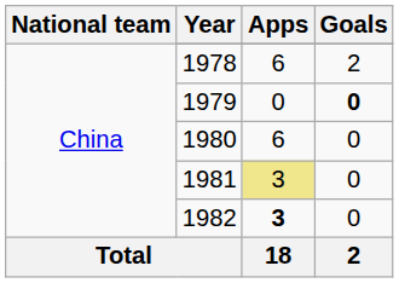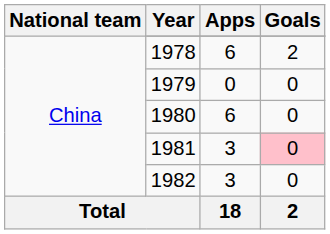 <table class="wikitable" style="text-align:center">
 <tr>
 <th>National team</th>
 <th>Year</th>
 <th>Apps</th>
 <th>Goals</th>
 </tr>
 <tr>
 <td rowspan="6"><a href='#'>China</a></td>
 </tr>
 <tr>
 <td>1978</td>
 <td>6</td>
 <td>2</td>
 </tr>
 <tr>
 <td>1979</td>
 <td>0</td>
-<td><strong>0</strong></td>
+<td>0</td>
 </tr>
 <tr>
 <td>1980</td>
 <td>6</td>
 <td>0</td>
 </tr>
 <tr>
 <td>1981</td>
-<td style="background: khaki;">3</td>
-<td>0</td>
+<td>3</td>
+<td style="background: pink;">0</td>
 </tr>
 <tr>
 <td>1982</td>
-<td><strong>3</strong></td>
+<td>3</td>
 <td>0</td>
 </tr>
 <tr>
 <th colspan=2>Total</th>
 <th>18</th>
 <th>2</th>
 </tr>
 </table>
